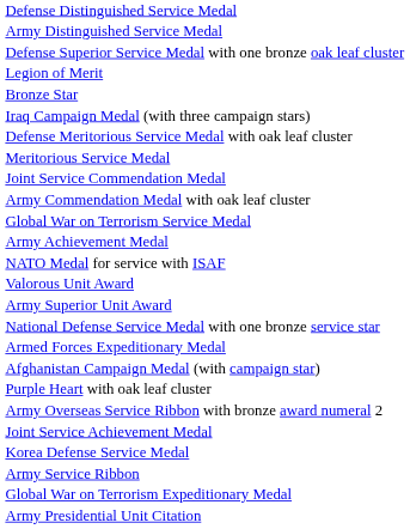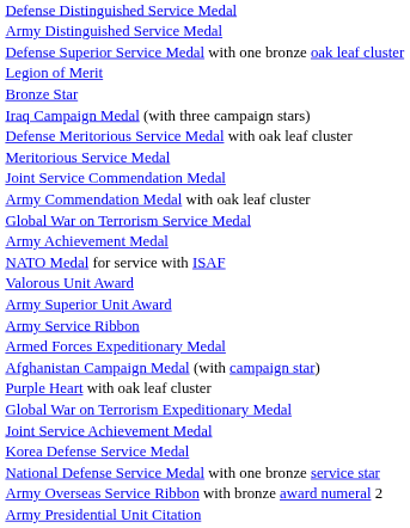 <table>
 <tr>
 <td> <a href='#'>Defense Distinguished Service Medal</a></td>
 </tr>
 <tr>
 <td> <a href='#'>Army Distinguished Service Medal</a></td>
 </tr>
 <tr>
 <td> <a href='#'>Defense Superior Service Medal</a> with one bronze <a href='#'>oak leaf cluster</a></td>
 </tr>
 <tr>
 <td> <a href='#'>Legion of Merit</a></td>
 </tr>
 <tr>
 <td> <a href='#'>Bronze Star</a></td>
 </tr>
 <tr>
 <td><span></span><span></span><span></span> <a href='#'>Iraq Campaign Medal</a> (with three campaign stars)</td>
 </tr>
 <tr>
 <td> <a href='#'>Defense Meritorious Service Medal</a> with oak leaf cluster</td>
 </tr>
 <tr>
 <td> <a href='#'>Meritorious Service Medal</a></td>
 </tr>
 <tr>
 <td> <a href='#'>Joint Service Commendation Medal</a></td>
 </tr>
 <tr>
 <td> <a href='#'>Army Commendation Medal</a> with oak leaf cluster</td>
 </tr>
 <tr>
 <td> <a href='#'>Global War on Terrorism Service Medal</a></td>
 </tr>
 <tr>
 <td> <a href='#'>Army Achievement Medal</a></td>
 </tr>
 <tr>
 <td> <a href='#'>NATO Medal</a> for service with <a href='#'>ISAF</a></td>
 </tr>
 <tr>
 <td> <a href='#'>Valorous Unit Award</a></td>
 </tr>
 <tr>
 <td> <a href='#'>Army Superior Unit Award</a></td>
 </tr>
 <tr>
-<td> <a href='#'>National Defense Service Medal</a> with one bronze <a href='#'>service star</a></td>
+<td> <a href='#'>Army Service Ribbon</a></td>
 </tr>
 <tr>
 <td> <a href='#'>Armed Forces Expeditionary Medal</a></td>
 </tr>
 <tr>
 <td> <a href='#'>Afghanistan Campaign Medal</a> (with <a href='#'>campaign star</a>)</td>
 </tr>
 <tr>
 <td> <a href='#'>Purple Heart</a> with oak leaf cluster</td>
 </tr>
 <tr>
-<td><span></span> <a href='#'>Army Overseas Service Ribbon</a> with bronze <a href='#'>award numeral</a> 2</td>
+<td> <a href='#'>Global War on Terrorism Expeditionary Medal</a></td>
 </tr>
 <tr>
 <td> <a href='#'>Joint Service Achievement Medal</a></td>
 </tr>
 <tr>
 <td> <a href='#'>Korea Defense Service Medal</a></td>
 </tr>
 <tr>
-<td> <a href='#'>Army Service Ribbon</a></td>
+<td> <a href='#'>National Defense Service Medal</a> with one bronze <a href='#'>service star</a></td>
 </tr>
 <tr>
-<td> <a href='#'>Global War on Terrorism Expeditionary Medal</a></td>
+<td><span></span> <a href='#'>Army Overseas Service Ribbon</a> with bronze <a href='#'>award numeral</a> 2</td>
 </tr>
 <tr>
 <td> <a href='#'>Army Presidential Unit Citation</a></td>
 </tr>
 </table>
